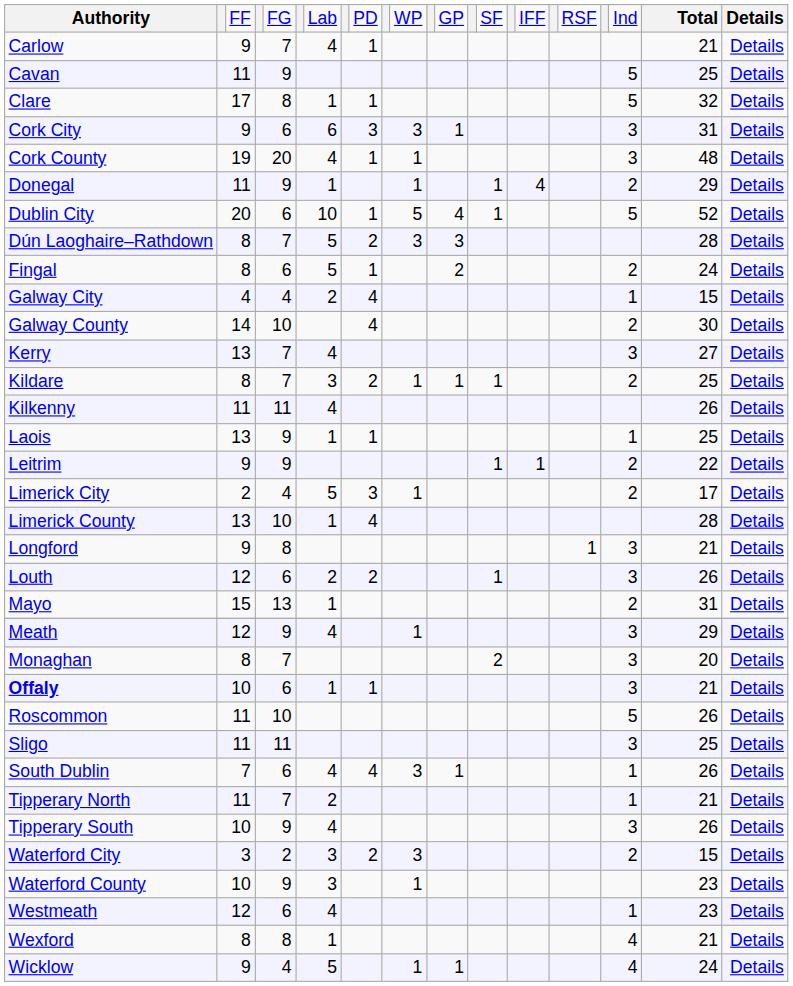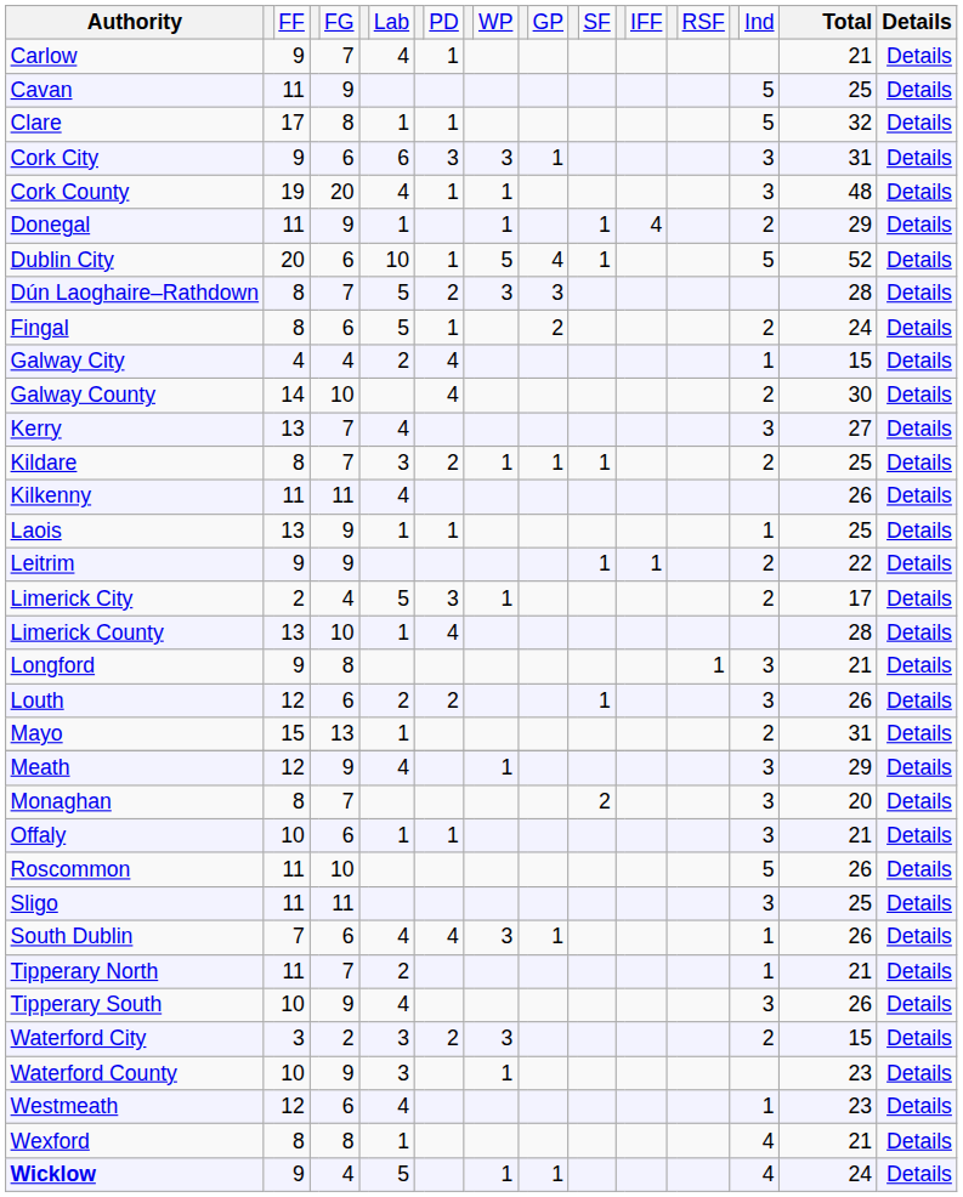 <table class="wikitable" style="text-align:right; padding-left:1em">
 <tr>
 <th align="left">Authority</th>
 <th style="background-color: "></th>
 <td><a href='#'>FF</a></td>
 <th style="background-color: "></th>
 <td><a href='#'>FG</a></td>
 <th style="background-color: "></th>
 <td><a href='#'>Lab</a></td>
 <th style="background-color: "></th>
 <td><a href='#'>PD</a></td>
 <th style="background-color: "></th>
 <td><a href='#'>WP</a></td>
 <th style="background-color: "></th>
 <td><a href='#'>GP</a></td>
 <th style="background-color: "></th>
 <td><a href='#'>SF</a></td>
 <th style="background-color: "></th>
 <td><a href='#'>IFF</a></td>
 <th style="background-color: "></th>
 <td><a href='#'>RSF</a></td>
 <th style="background-color: "></th>
 <td><a href='#'>Ind</a></td>
 <th style="padding-left:2em">Total</th>
 <th>Details</th>
 </tr>
 <tr>
 <td align="left"><a href='#'>Carlow</a></td>
 <td colspan="2">9</td>
 <td colspan="2">7</td>
 <td colspan="2">4</td>
 <td colspan="2">1</td>
 <td colspan="2"></td>
 <td colspan="2"></td>
 <td colspan="2"></td>
 <td colspan="2"></td>
 <td colspan="2"></td>
 <td colspan="2"></td>
 <td>21</td>
 <td><a href='#'>Details</a></td>
 </tr>
 <tr bgcolor="F3F3FF">
 <td align="left"><a href='#'>Cavan</a></td>
 <td colspan="2">11</td>
 <td colspan="2">9</td>
 <td colspan="2"></td>
 <td colspan="2"></td>
 <td colspan="2"></td>
 <td colspan="2"></td>
 <td colspan="2"></td>
 <td colspan="2"></td>
 <td colspan="2"></td>
 <td colspan="2">5</td>
 <td>25</td>
 <td><a href='#'>Details</a></td>
 </tr>
 <tr>
 <td align="left"><a href='#'>Clare</a></td>
 <td colspan="2">17</td>
 <td colspan="2">8</td>
 <td colspan="2">1</td>
 <td colspan="2">1</td>
 <td colspan="2"></td>
 <td colspan="2"></td>
 <td colspan="2"></td>
 <td colspan="2"></td>
 <td colspan="2"></td>
 <td colspan="2">5</td>
 <td>32</td>
 <td><a href='#'>Details</a></td>
 </tr>
 <tr bgcolor="F3F3FF">
 <td align="left"><a href='#'>Cork City</a></td>
 <td colspan="2">9</td>
 <td colspan="2">6</td>
 <td colspan="2">6</td>
 <td colspan="2">3</td>
 <td colspan="2">3</td>
 <td colspan="2">1</td>
 <td colspan="2"></td>
 <td colspan="2"></td>
 <td colspan="2"></td>
 <td colspan="2">3</td>
 <td>31</td>
 <td><a href='#'>Details</a></td>
 </tr>
 <tr>
 <td align="left"><a href='#'>Cork County</a></td>
 <td colspan="2">19</td>
 <td colspan="2">20</td>
 <td colspan="2">4</td>
 <td colspan="2">1</td>
 <td colspan="2">1</td>
 <td colspan="2"></td>
 <td colspan="2"></td>
 <td colspan="2"></td>
 <td colspan="2"></td>
 <td colspan="2">3</td>
 <td>48</td>
 <td><a href='#'>Details</a></td>
 </tr>
 <tr bgcolor="F3F3FF">
 <td align="left"><a href='#'>Donegal</a></td>
 <td colspan="2">11</td>
 <td colspan="2">9</td>
 <td colspan="2">1</td>
 <td colspan="2"></td>
 <td colspan="2">1</td>
 <td colspan="2"></td>
 <td colspan="2">1</td>
 <td colspan="2">4</td>
 <td colspan="2"></td>
 <td colspan="2">2</td>
 <td>29</td>
 <td><a href='#'>Details</a></td>
 </tr>
 <tr>
 <td align="left"><a href='#'>Dublin City</a></td>
 <td colspan="2">20</td>
 <td colspan="2">6</td>
 <td colspan="2">10</td>
 <td colspan="2">1</td>
 <td colspan="2">5</td>
 <td colspan="2">4</td>
 <td colspan="2">1</td>
 <td colspan="2"></td>
 <td colspan="2"></td>
 <td colspan="2">5</td>
 <td>52</td>
 <td><a href='#'>Details</a></td>
 </tr>
 <tr bgcolor="F3F3FF">
 <td align="left"><a href='#'>Dún Laoghaire–Rathdown</a></td>
 <td colspan="2">8</td>
 <td colspan="2">7</td>
 <td colspan="2">5</td>
 <td colspan="2">2</td>
 <td colspan="2">3</td>
 <td colspan="2">3</td>
 <td colspan="2"></td>
 <td colspan="2"></td>
 <td colspan="2"></td>
 <td colspan="2"></td>
 <td>28</td>
 <td><a href='#'>Details</a></td>
 </tr>
 <tr>
 <td align="left"><a href='#'>Fingal</a></td>
 <td colspan="2">8</td>
 <td colspan="2">6</td>
 <td colspan="2">5</td>
 <td colspan="2">1</td>
 <td colspan="2"></td>
 <td colspan="2">2</td>
 <td colspan="2"></td>
 <td colspan="2"></td>
 <td colspan="2"></td>
 <td colspan="2">2</td>
 <td>24</td>
 <td><a href='#'>Details</a></td>
 </tr>
 <tr bgcolor="F3F3FF">
 <td align="left"><a href='#'>Galway City</a></td>
 <td colspan="2">4</td>
 <td colspan="2">4</td>
 <td colspan="2">2</td>
 <td colspan="2">4</td>
 <td colspan="2"></td>
 <td colspan="2"></td>
 <td colspan="2"></td>
 <td colspan="2"></td>
 <td colspan="2"></td>
 <td colspan="2">1</td>
 <td>15</td>
 <td><a href='#'>Details</a></td>
 </tr>
 <tr>
 <td align="left"><a href='#'>Galway County</a></td>
 <td colspan="2">14</td>
 <td colspan="2">10</td>
 <td colspan="2"></td>
 <td colspan="2">4</td>
 <td colspan="2"></td>
 <td colspan="2"></td>
 <td colspan="2"></td>
 <td colspan="2"></td>
 <td colspan="2"></td>
 <td colspan="2">2</td>
 <td>30</td>
 <td><a href='#'>Details</a></td>
 </tr>
 <tr bgcolor="F3F3FF">
 <td align="left"><a href='#'>Kerry</a></td>
 <td colspan="2">13</td>
 <td colspan="2">7</td>
 <td colspan="2">4</td>
 <td colspan="2"></td>
 <td colspan="2"></td>
 <td colspan="2"></td>
 <td colspan="2"></td>
 <td colspan="2"></td>
 <td colspan="2"></td>
 <td colspan="2">3</td>
 <td>27</td>
 <td><a href='#'>Details</a></td>
 </tr>
 <tr>
 <td align="left"><a href='#'>Kildare</a></td>
 <td colspan="2">8</td>
 <td colspan="2">7</td>
 <td colspan="2">3</td>
 <td colspan="2">2</td>
 <td colspan="2">1</td>
 <td colspan="2">1</td>
 <td colspan="2">1</td>
 <td colspan="2"></td>
 <td colspan="2"></td>
 <td colspan="2">2</td>
 <td>25</td>
 <td><a href='#'>Details</a></td>
 </tr>
 <tr bgcolor="F3F3FF">
 <td align="left"><a href='#'>Kilkenny</a></td>
 <td colspan="2">11</td>
 <td colspan="2">11</td>
 <td colspan="2">4</td>
 <td colspan="2"></td>
 <td colspan="2"></td>
 <td colspan="2"></td>
 <td colspan="2"></td>
 <td colspan="2"></td>
 <td colspan="2"></td>
 <td colspan="2"></td>
 <td>26</td>
 <td><a href='#'>Details</a></td>
 </tr>
 <tr>
 <td align="left"><a href='#'>Laois</a></td>
 <td colspan="2">13</td>
 <td colspan="2">9</td>
 <td colspan="2">1</td>
 <td colspan="2">1</td>
 <td colspan="2"></td>
 <td colspan="2"></td>
 <td colspan="2"></td>
 <td colspan="2"></td>
 <td colspan="2"></td>
 <td colspan="2">1</td>
 <td>25</td>
 <td><a href='#'>Details</a></td>
 </tr>
 <tr bgcolor="F3F3FF">
 <td align="left"><a href='#'>Leitrim</a></td>
 <td colspan="2">9</td>
 <td colspan="2">9</td>
 <td colspan="2"></td>
 <td colspan="2"></td>
 <td colspan="2"></td>
 <td colspan="2"></td>
 <td colspan="2">1</td>
 <td colspan="2">1</td>
 <td colspan="2"></td>
 <td colspan="2">2</td>
 <td>22</td>
 <td><a href='#'>Details</a></td>
 </tr>
 <tr>
 <td align="left"><a href='#'>Limerick City</a></td>
 <td colspan="2">2</td>
 <td colspan="2">4</td>
 <td colspan="2">5</td>
 <td colspan="2">3</td>
 <td colspan="2">1</td>
 <td colspan="2"></td>
 <td colspan="2"></td>
 <td colspan="2"></td>
 <td colspan="2"></td>
 <td colspan="2">2</td>
 <td>17</td>
 <td><a href='#'>Details</a></td>
 </tr>
 <tr bgcolor="F3F3FF">
 <td align="left"><a href='#'>Limerick County</a></td>
 <td colspan="2">13</td>
 <td colspan="2">10</td>
 <td colspan="2">1</td>
 <td colspan="2">4</td>
 <td colspan="2"></td>
 <td colspan="2"></td>
 <td colspan="2"></td>
 <td colspan="2"></td>
 <td colspan="2"></td>
 <td colspan="2"></td>
 <td>28</td>
 <td><a href='#'>Details</a></td>
 </tr>
 <tr>
 <td align="left"><a href='#'>Longford</a></td>
 <td colspan="2">9</td>
 <td colspan="2">8</td>
 <td colspan="2"></td>
 <td colspan="2"></td>
 <td colspan="2"></td>
 <td colspan="2"></td>
 <td colspan="2"></td>
 <td colspan="2"></td>
 <td colspan="2">1</td>
 <td colspan="2">3</td>
 <td>21</td>
 <td><a href='#'>Details</a></td>
 </tr>
 <tr bgcolor="F3F3FF">
 <td align="left"><a href='#'>Louth</a></td>
 <td colspan="2">12</td>
 <td colspan="2">6</td>
 <td colspan="2">2</td>
 <td colspan="2">2</td>
 <td colspan="2"></td>
 <td colspan="2"></td>
 <td colspan="2">1</td>
 <td colspan="2"></td>
 <td colspan="2"></td>
 <td colspan="2">3</td>
 <td>26</td>
 <td><a href='#'>Details</a></td>
 </tr>
 <tr>
 <td align="left"><a href='#'>Mayo</a></td>
 <td colspan="2">15</td>
 <td colspan="2">13</td>
 <td colspan="2">1</td>
 <td colspan="2"></td>
 <td colspan="2"></td>
 <td colspan="2"></td>
 <td colspan="2"></td>
 <td colspan="2"></td>
 <td colspan="2"></td>
 <td colspan="2">2</td>
 <td>31</td>
 <td><a href='#'>Details</a></td>
 </tr>
 <tr>
 </tr>
 <tr bgcolor="F3F3FF">
 <td align="left"><a href='#'>Meath</a></td>
 <td colspan="2">12</td>
 <td colspan="2">9</td>
 <td colspan="2">4</td>
 <td colspan="2"></td>
 <td colspan="2">1</td>
 <td colspan="2"></td>
 <td colspan="2"></td>
 <td colspan="2"></td>
 <td colspan="2"></td>
 <td colspan="2">3</td>
 <td>29</td>
 <td><a href='#'>Details</a></td>
 </tr>
 <tr>
 <td align="left"><a href='#'>Monaghan</a></td>
 <td colspan="2">8</td>
 <td colspan="2">7</td>
 <td colspan="2"></td>
 <td colspan="2"></td>
 <td colspan="2"></td>
 <td colspan="2"></td>
 <td colspan="2">2</td>
 <td colspan="2"></td>
 <td colspan="2"></td>
 <td colspan="2">3</td>
 <td>20</td>
 <td><a href='#'>Details</a></td>
 </tr>
 <tr bgcolor="F3F3FF">
-<td align="left"><strong><a href='#'>Offaly</a></strong></td>
+<td align="left"><a href='#'>Offaly</a></td>
 <td colspan="2">10</td>
 <td colspan="2">6</td>
 <td colspan="2">1</td>
 <td colspan="2">1</td>
 <td colspan="2"></td>
 <td colspan="2"></td>
 <td colspan="2"></td>
 <td colspan="2"></td>
 <td colspan="2"></td>
 <td colspan="2">3</td>
 <td>21</td>
 <td><a href='#'>Details</a></td>
 </tr>
 <tr>
 <td align="left"><a href='#'>Roscommon</a></td>
 <td colspan="2">11</td>
 <td colspan="2">10</td>
 <td colspan="2"></td>
 <td colspan="2"></td>
 <td colspan="2"></td>
 <td colspan="2"></td>
 <td colspan="2"></td>
 <td colspan="2"></td>
 <td colspan="2"></td>
 <td colspan="2">5</td>
 <td>26</td>
 <td><a href='#'>Details</a></td>
 </tr>
 <tr bgcolor="F3F3FF">
 <td align="left"><a href='#'>Sligo</a></td>
 <td colspan="2">11</td>
 <td colspan="2">11</td>
 <td colspan="2"></td>
 <td colspan="2"></td>
 <td colspan="2"></td>
 <td colspan="2"></td>
 <td colspan="2"></td>
 <td colspan="2"></td>
 <td colspan="2"></td>
 <td colspan="2">3</td>
 <td>25</td>
 <td><a href='#'>Details</a></td>
 </tr>
 <tr>
 <td align="left"><a href='#'>South Dublin</a></td>
 <td colspan="2">7</td>
 <td colspan="2">6</td>
 <td colspan="2">4</td>
 <td colspan="2">4</td>
 <td colspan="2">3</td>
 <td colspan="2">1</td>
 <td colspan="2"></td>
 <td colspan="2"></td>
 <td colspan="2"></td>
 <td colspan="2">1</td>
 <td>26</td>
 <td><a href='#'>Details</a></td>
 </tr>
 <tr bgcolor="F3F3FF">
 <td align="left"><a href='#'>Tipperary North</a></td>
 <td colspan="2">11</td>
 <td colspan="2">7</td>
 <td colspan="2">2</td>
 <td colspan="2"></td>
 <td colspan="2"></td>
 <td colspan="2"></td>
 <td colspan="2"></td>
 <td colspan="2"></td>
 <td colspan="2"></td>
 <td colspan="2">1</td>
 <td>21</td>
 <td><a href='#'>Details</a></td>
 </tr>
 <tr>
 <td align="left"><a href='#'>Tipperary South</a></td>
 <td colspan="2">10</td>
 <td colspan="2">9</td>
 <td colspan="2">4</td>
 <td colspan="2"></td>
 <td colspan="2"></td>
 <td colspan="2"></td>
 <td colspan="2"></td>
 <td colspan="2"></td>
 <td colspan="2"></td>
 <td colspan="2">3</td>
 <td>26</td>
 <td><a href='#'>Details</a></td>
 </tr>
 <tr bgcolor="F3F3FF">
 <td align="left"><a href='#'>Waterford City</a></td>
 <td colspan="2">3</td>
 <td colspan="2">2</td>
 <td colspan="2">3</td>
 <td colspan="2">2</td>
 <td colspan="2">3</td>
 <td colspan="2"></td>
 <td colspan="2"></td>
 <td colspan="2"></td>
 <td colspan="2"></td>
 <td colspan="2">2</td>
 <td>15</td>
 <td><a href='#'>Details</a></td>
 </tr>
 <tr>
 <td align="left"><a href='#'>Waterford County</a></td>
 <td colspan="2">10</td>
 <td colspan="2">9</td>
 <td colspan="2">3</td>
 <td colspan="2"></td>
 <td colspan="2">1</td>
 <td colspan="2"></td>
 <td colspan="2"></td>
 <td colspan="2"></td>
 <td colspan="2"></td>
 <td colspan="2"></td>
 <td>23</td>
 <td><a href='#'>Details</a></td>
 </tr>
 <tr bgcolor="F3F3FF">
 <td align="left"><a href='#'>Westmeath</a></td>
 <td colspan="2">12</td>
 <td colspan="2">6</td>
 <td colspan="2">4</td>
 <td colspan="2"></td>
 <td colspan="2"></td>
 <td colspan="2"></td>
 <td colspan="2"></td>
 <td colspan="2"></td>
 <td colspan="2"></td>
 <td colspan="2">1</td>
 <td>23</td>
 <td><a href='#'>Details</a></td>
 </tr>
 <tr>
 <td align="left"><a href='#'>Wexford</a></td>
 <td colspan="2">8</td>
 <td colspan="2">8</td>
 <td colspan="2">1</td>
 <td colspan="2"></td>
 <td colspan="2"></td>
 <td colspan="2"></td>
 <td colspan="2"></td>
 <td colspan="2"></td>
 <td colspan="2"></td>
 <td colspan="2">4</td>
 <td>21</td>
 <td><a href='#'>Details</a></td>
 </tr>
 <tr bgcolor="F3F3FF">
-<td align="left"><a href='#'>Wicklow</a></td>
+<td align="left"><strong><a href='#'>Wicklow</a></strong></td>
 <td colspan="2">9</td>
 <td colspan="2">4</td>
 <td colspan="2">5</td>
 <td colspan="2"></td>
 <td colspan="2">1</td>
 <td colspan="2">1</td>
 <td colspan="2"></td>
 <td colspan="2"></td>
 <td colspan="2"></td>
 <td colspan="2">4</td>
 <td>24</td>
 <td><a href='#'>Details</a></td>
 </tr>
 </table>
